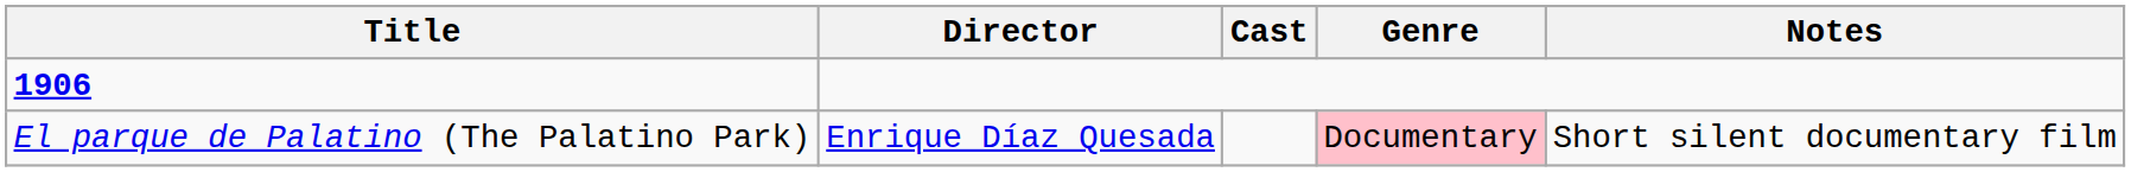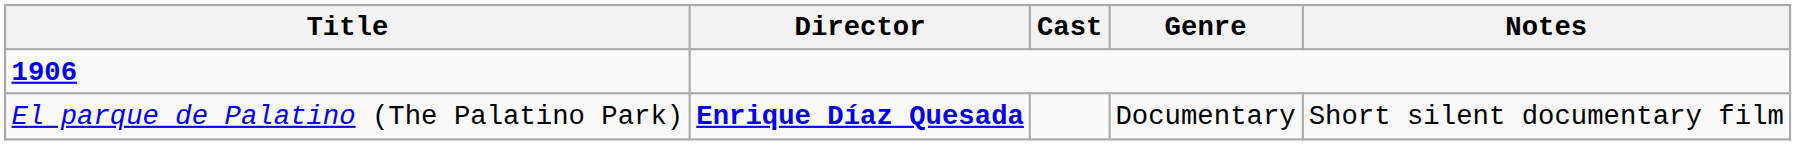 <table class="wikitable">
 <tr>
 <th>Title</th>
 <th>Director</th>
 <th>Cast</th>
 <th>Genre</th>
 <th>Notes</th>
 </tr>
 <tr>
 <td><strong><a href='#'>1906</a></strong></td>
 </tr>
 <tr>
 <td><em><a href='#'>El parque de Palatino</a></em> (The Palatino Park)</td>
-<td><a href='#'>Enrique Díaz Quesada</a></td>
+<td><strong><a href='#'>Enrique Díaz Quesada</a></strong></td>
 <td></td>
-<td style="background: pink;">Documentary</td>
+<td>Documentary</td>
 <td>Short silent documentary film</td>
 </tr>
 </table>
